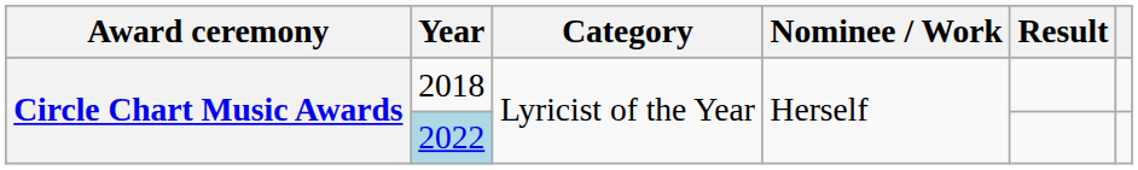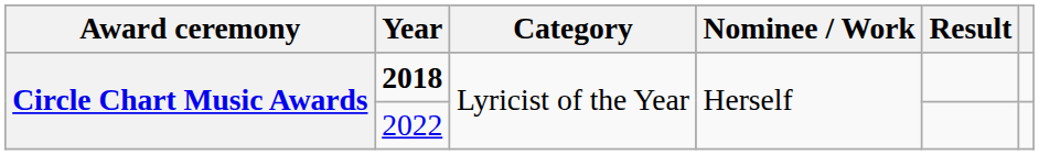 <table class="wikitable plainrowheaders">
 <tr>
 <th scope="col">Award ceremony</th>
 <th scope="col">Year</th>
 <th scope="col">Category</th>
 <th scope="col">Nominee / Work</th>
 <th scope="col">Result</th>
 <th scope="col" class="unsortable"></th>
 </tr>
 <tr>
 <th scope="row" rowspan="2"><a href='#'>Circle Chart Music Awards</a></th>
-<td>2018</td>
+<td><strong>2018</strong></td>
 <td rowspan="2">Lyricist of the Year</td>
 <td rowspan="2">Herself</td>
 <td></td>
 <td style="text-align:center"></td>
 </tr>
 <tr>
-<td style="background: lightblue;"><a href='#'>2022</a></td>
+<td><a href='#'>2022</a></td>
 <td></td>
 <td style="text-align:center"></td>
 </tr>
 </table>
